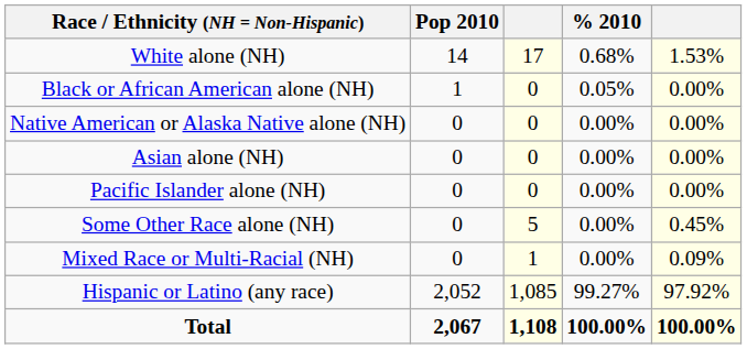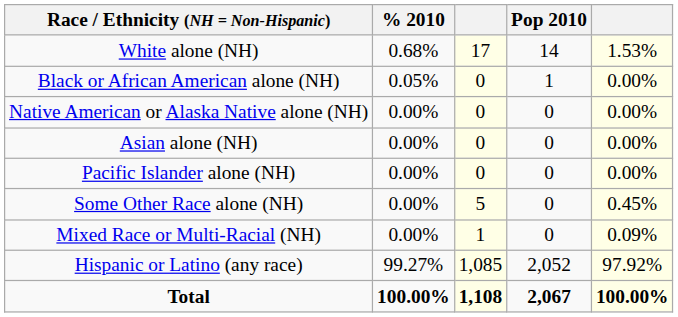 <table class="wikitable" style="text-align:center;">
 <tr>
 <th>Race / Ethnicity <small>(<em>NH = Non-Hispanic</em>)</small></th>
+<th>% 2010</th>
+<th></th>
 <th>Pop 2010</th>
-<th></th>
-<th>% 2010</th>
 <th></th>
 </tr>
 <tr>
 <td><a href='#'>White</a> alone (NH)</td>
+<td>0.68%</td>
+<td style='background: #ffffe6;'>17</td>
 <td>14</td>
-<td style='background: #ffffe6;'>17</td>
-<td>0.68%</td>
 <td style='background: #ffffe6;'>1.53%</td>
 </tr>
 <tr>
 <td><a href='#'>Black or African American</a> alone (NH)</td>
+<td>0.05%</td>
+<td style='background: #ffffe6;'>0</td>
 <td>1</td>
-<td style='background: #ffffe6;'>0</td>
-<td>0.05%</td>
 <td style='background: #ffffe6;'>0.00%</td>
 </tr>
 <tr>
 <td><a href='#'>Native American</a> or <a href='#'>Alaska Native</a> alone (NH)</td>
+<td>0.00%</td>
+<td style='background: #ffffe6;'>0</td>
 <td>0</td>
-<td style='background: #ffffe6;'>0</td>
-<td>0.00%</td>
 <td style='background: #ffffe6;'>0.00%</td>
 </tr>
 <tr>
 <td><a href='#'>Asian</a> alone (NH)</td>
+<td>0.00%</td>
+<td style='background: #ffffe6;'>0</td>
 <td>0</td>
-<td style='background: #ffffe6;'>0</td>
-<td>0.00%</td>
 <td style='background: #ffffe6;'>0.00%</td>
 </tr>
 <tr>
 <td><a href='#'>Pacific Islander</a> alone (NH)</td>
+<td>0.00%</td>
+<td style='background: #ffffe6;'>0</td>
 <td>0</td>
-<td style='background: #ffffe6;'>0</td>
-<td>0.00%</td>
 <td style='background: #ffffe6;'>0.00%</td>
 </tr>
 <tr>
 <td><a href='#'>Some Other Race</a> alone (NH)</td>
+<td>0.00%</td>
+<td style='background: #ffffe6;'>5</td>
 <td>0</td>
-<td style='background: #ffffe6;'>5</td>
-<td>0.00%</td>
 <td style='background: #ffffe6;'>0.45%</td>
 </tr>
 <tr>
 <td><a href='#'>Mixed Race or Multi-Racial</a> (NH)</td>
+<td>0.00%</td>
+<td style='background: #ffffe6;'>1</td>
 <td>0</td>
-<td style='background: #ffffe6;'>1</td>
-<td>0.00%</td>
 <td style='background: #ffffe6;'>0.09%</td>
 </tr>
 <tr>
 <td><a href='#'>Hispanic or Latino</a> (any race)</td>
+<td>99.27%</td>
+<td style='background: #ffffe6;'>1,085</td>
 <td>2,052</td>
-<td style='background: #ffffe6;'>1,085</td>
-<td>99.27%</td>
 <td style='background: #ffffe6;'>97.92%</td>
 </tr>
 <tr>
 <td><strong>Total</strong></td>
+<td><strong>100.00%</strong></td>
+<td style='background: #ffffe6;'><strong>1,108</strong></td>
 <td><strong>2,067</strong></td>
-<td style='background: #ffffe6;'><strong>1,108</strong></td>
-<td><strong>100.00%</strong></td>
 <td style='background: #ffffe6;'><strong>100.00%</strong></td>
 </tr>
 </table>
